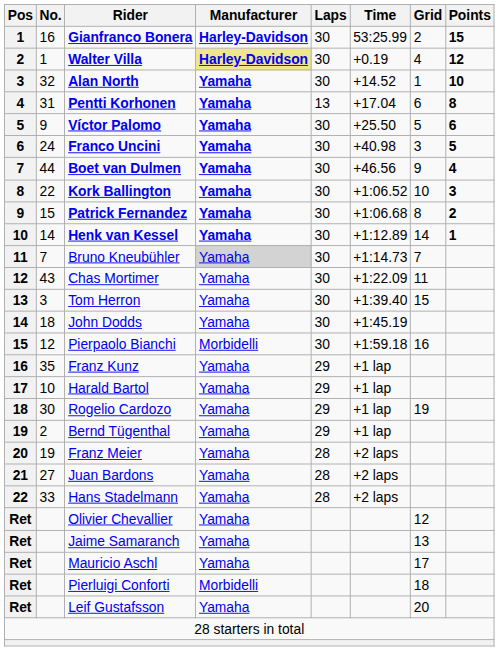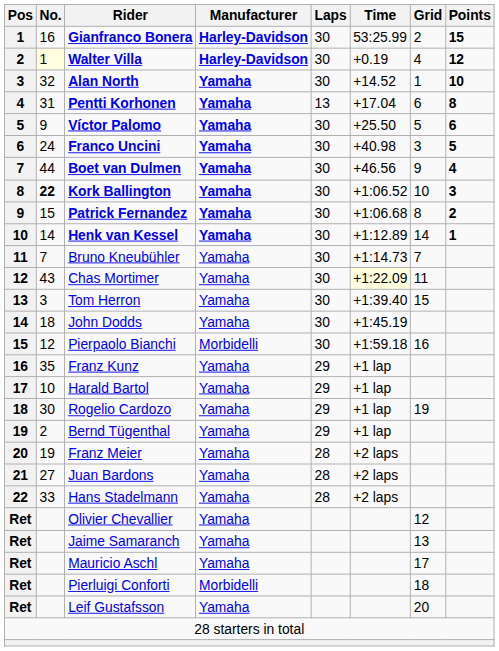 <table class="wikitable" style="font-size: 95%;">
 <tr>
 <th>Pos</th>
 <th>No.</th>
 <th>Rider</th>
 <th>Manufacturer</th>
 <th>Laps</th>
 <th>Time</th>
 <th>Grid</th>
 <th>Points</th>
 </tr>
 <tr>
 <th>1</th>
 <td>16</td>
 <td> <strong><a href='#'>Gianfranco Bonera</a></strong></td>
 <td><strong><a href='#'>Harley-Davidson</a></strong></td>
 <td>30</td>
 <td>53:25.99</td>
 <td>2</td>
 <td><strong>15</strong></td>
 </tr>
 <tr>
 <th>2</th>
-<td>1</td>
+<td style="background: lightyellow;">1</td>
 <td> <strong><a href='#'>Walter Villa</a></strong></td>
-<td style="background: khaki;"><strong><a href='#'>Harley-Davidson</a></strong></td>
+<td><strong><a href='#'>Harley-Davidson</a></strong></td>
 <td>30</td>
 <td>+0.19</td>
 <td>4</td>
 <td><strong>12</strong></td>
 </tr>
 <tr>
 <th>3</th>
 <td>32</td>
 <td> <strong><a href='#'>Alan North</a></strong></td>
 <td><strong><a href='#'>Yamaha</a></strong></td>
 <td>30</td>
 <td>+14.52</td>
 <td>1</td>
 <td><strong>10</strong></td>
 </tr>
 <tr>
 <th>4</th>
 <td>31</td>
 <td> <strong><a href='#'>Pentti Korhonen</a></strong></td>
 <td><strong><a href='#'>Yamaha</a></strong></td>
 <td>13</td>
 <td>+17.04</td>
 <td>6</td>
 <td><strong>8</strong></td>
 </tr>
 <tr>
 <th>5</th>
 <td>9</td>
 <td> <strong><a href='#'>Víctor Palomo</a></strong></td>
 <td><strong><a href='#'>Yamaha</a></strong></td>
 <td>30</td>
 <td>+25.50</td>
 <td>5</td>
 <td><strong>6</strong></td>
 </tr>
 <tr>
 <th>6</th>
 <td>24</td>
 <td> <strong><a href='#'>Franco Uncini</a></strong></td>
 <td><strong><a href='#'>Yamaha</a></strong></td>
 <td>30</td>
 <td>+40.98</td>
 <td>3</td>
 <td><strong>5</strong></td>
 </tr>
 <tr>
 <th>7</th>
 <td>44</td>
 <td> <strong><a href='#'>Boet van Dulmen</a></strong></td>
 <td><strong><a href='#'>Yamaha</a></strong></td>
 <td>30</td>
 <td>+46.56</td>
 <td>9</td>
 <td><strong>4</strong></td>
 </tr>
 <tr>
 <th>8</th>
-<td>22</td>
+<td><strong>22</strong></td>
 <td> <strong><a href='#'>Kork Ballington</a></strong></td>
 <td><strong><a href='#'>Yamaha</a></strong></td>
 <td>30</td>
 <td>+1:06.52</td>
 <td>10</td>
 <td><strong>3</strong></td>
 </tr>
 <tr>
 <th>9</th>
 <td>15</td>
 <td> <strong><a href='#'>Patrick Fernandez</a></strong></td>
 <td><strong><a href='#'>Yamaha</a></strong></td>
 <td>30</td>
 <td>+1:06.68</td>
 <td>8</td>
 <td><strong>2</strong></td>
 </tr>
 <tr>
 <th>10</th>
 <td>14</td>
 <td> <strong><a href='#'>Henk van Kessel</a></strong></td>
 <td><strong><a href='#'>Yamaha</a></strong></td>
 <td>30</td>
 <td>+1:12.89</td>
 <td>14</td>
 <td><strong>1</strong></td>
 </tr>
 <tr>
 <th>11</th>
 <td>7</td>
 <td> <a href='#'>Bruno Kneubühler</a></td>
-<td style="background: lightgrey;"><a href='#'>Yamaha</a></td>
+<td><a href='#'>Yamaha</a></td>
 <td>30</td>
 <td>+1:14.73</td>
 <td>7</td>
 <td></td>
 </tr>
 <tr>
 <th>12</th>
 <td>43</td>
 <td> <a href='#'>Chas Mortimer</a></td>
 <td><a href='#'>Yamaha</a></td>
 <td>30</td>
-<td>+1:22.09</td>
+<td style="background: lightyellow;">+1:22.09</td>
 <td>11</td>
 <td></td>
 </tr>
 <tr>
 <th>13</th>
 <td>3</td>
 <td> <a href='#'>Tom Herron</a></td>
 <td><a href='#'>Yamaha</a></td>
 <td>30</td>
 <td>+1:39.40</td>
 <td>15</td>
 <td></td>
 </tr>
 <tr>
 <th>14</th>
 <td>18</td>
 <td> <a href='#'>John Dodds</a></td>
 <td><a href='#'>Yamaha</a></td>
 <td>30</td>
 <td>+1:45.19</td>
 <td></td>
 <td></td>
 </tr>
 <tr>
 <th>15</th>
 <td>12</td>
 <td> <a href='#'>Pierpaolo Bianchi</a></td>
 <td><a href='#'>Morbidelli</a></td>
 <td>30</td>
 <td>+1:59.18</td>
 <td>16</td>
 <td></td>
 </tr>
 <tr>
 <th>16</th>
 <td>35</td>
 <td> <a href='#'>Franz Kunz</a></td>
 <td><a href='#'>Yamaha</a></td>
 <td>29</td>
 <td>+1 lap</td>
 <td></td>
 <td></td>
 </tr>
 <tr>
 <th>17</th>
 <td>10</td>
 <td> <a href='#'>Harald Bartol</a></td>
 <td><a href='#'>Yamaha</a></td>
 <td>29</td>
 <td>+1 lap</td>
 <td></td>
 <td></td>
 </tr>
 <tr>
 <th>18</th>
 <td>30</td>
 <td> <a href='#'>Rogelio Cardozo</a></td>
 <td><a href='#'>Yamaha</a></td>
 <td>29</td>
 <td>+1 lap</td>
 <td>19</td>
 <td></td>
 </tr>
 <tr>
 <th>19</th>
 <td>2</td>
 <td> <a href='#'>Bernd Tügenthal</a></td>
 <td><a href='#'>Yamaha</a></td>
 <td>29</td>
 <td>+1 lap</td>
 <td></td>
 <td></td>
 </tr>
 <tr>
 <th>20</th>
 <td>19</td>
 <td> <a href='#'>Franz Meier</a></td>
 <td><a href='#'>Yamaha</a></td>
 <td>28</td>
 <td>+2 laps</td>
 <td></td>
 <td></td>
 </tr>
 <tr>
 <th>21</th>
 <td>27</td>
 <td> <a href='#'>Juan Bardons</a></td>
 <td><a href='#'>Yamaha</a></td>
 <td>28</td>
 <td>+2 laps</td>
 <td></td>
 <td></td>
 </tr>
 <tr>
 <th>22</th>
 <td>33</td>
 <td> <a href='#'>Hans Stadelmann</a></td>
 <td><a href='#'>Yamaha</a></td>
 <td>28</td>
 <td>+2 laps</td>
 <td></td>
 <td></td>
 </tr>
 <tr>
 <th>Ret</th>
 <td></td>
 <td> <a href='#'>Olivier Chevallier</a></td>
 <td><a href='#'>Yamaha</a></td>
 <td></td>
 <td></td>
 <td>12</td>
 <td></td>
 </tr>
 <tr>
 <th>Ret</th>
 <td></td>
 <td> <a href='#'>Jaime Samaranch</a></td>
 <td><a href='#'>Yamaha</a></td>
 <td></td>
 <td></td>
 <td>13</td>
 <td></td>
 </tr>
 <tr>
 <th>Ret</th>
 <td></td>
 <td> <a href='#'>Mauricio Aschl</a></td>
 <td><a href='#'>Yamaha</a></td>
 <td></td>
 <td></td>
 <td>17</td>
 <td></td>
 </tr>
 <tr>
 <th>Ret</th>
 <td></td>
 <td> <a href='#'>Pierluigi Conforti</a></td>
 <td><a href='#'>Morbidelli</a></td>
 <td></td>
 <td></td>
 <td>18</td>
 <td></td>
 </tr>
 <tr>
 <th>Ret</th>
 <td></td>
 <td> <a href='#'>Leif Gustafsson</a></td>
 <td><a href='#'>Yamaha</a></td>
 <td></td>
 <td></td>
 <td>20</td>
 <td></td>
 </tr>
 <tr>
 <td colspan=8 align=center>28 starters in total</td>
 </tr>
 <tr>
 <th colspan=8></th>
 </tr>
 </table>
